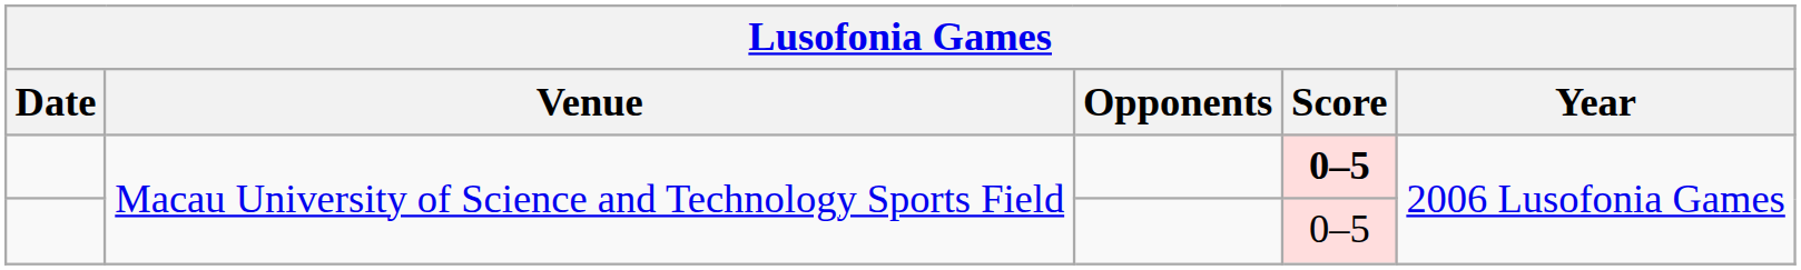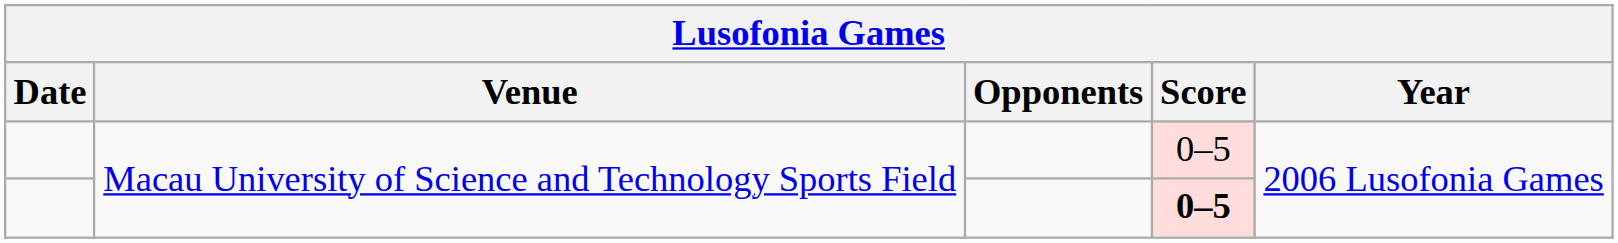 <table class="wikitable sortable">
 <tr>
 <th colspan="5"><a href='#'>Lusofonia Games</a></th>
 </tr>
 <tr>
 <th>Date</th>
 <th>Venue</th>
 <th>Opponents</th>
 <th>Score</th>
 <th>Year</th>
 </tr>
 <tr>
 <td></td>
 <td rowspan=2><a href='#'>Macau University of Science and Technology Sports Field</a></td>
 <td></td>
-<td align=center bgcolor=#ffdddd><strong>0–5</strong></td>
+<td align=center bgcolor=#ffdddd>0–5</td>
 <td rowspan="2"><a href='#'>2006 Lusofonia Games</a></td>
 </tr>
 <tr>
 <td></td>
 <td></td>
-<td align=center bgcolor=#ffdddd>0–5</td>
+<td align=center bgcolor=#ffdddd><strong>0–5</strong></td>
 </tr>
 </table>
